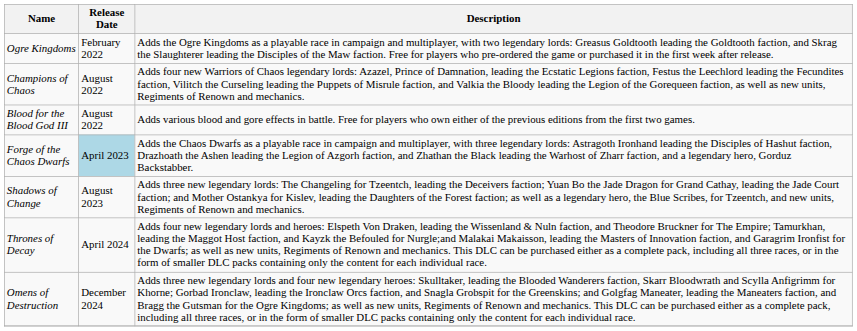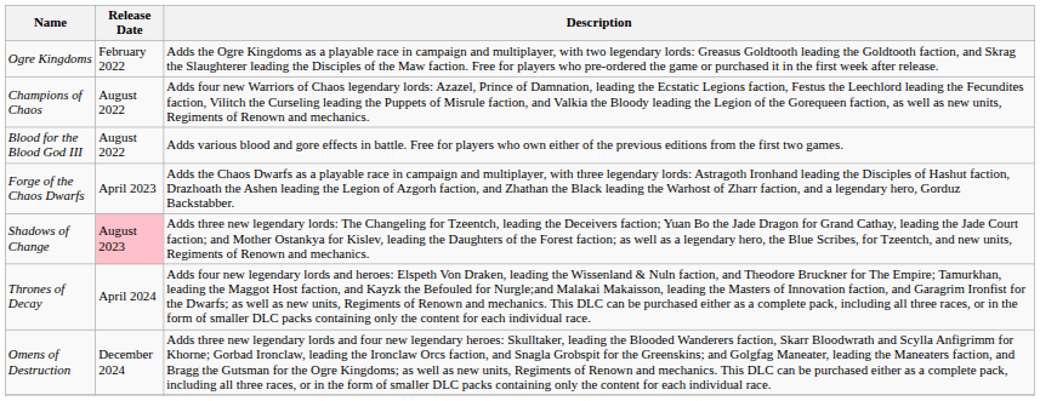 <table class="wikitable sortable">
 <tr>
 <th>Name</th>
 <th>Release Date</th>
 <th>Description</th>
 </tr>
 <tr>
 <td><em>Ogre Kingdoms</em></td>
 <td>February 2022</td>
 <td>Adds the Ogre Kingdoms as a playable race in campaign and multiplayer, with two legendary lords: Greasus Goldtooth leading the Goldtooth faction, and Skrag the Slaughterer leading the Disciples of the Maw faction. Free for players who pre-ordered the game or purchased it in the first week after release.</td>
 </tr>
 <tr>
 <td><em>Champions of Chaos</em></td>
 <td>August 2022</td>
 <td>Adds four new Warriors of Chaos legendary lords: Azazel, Prince of Damnation, leading the Ecstatic Legions faction, Festus the Leechlord leading the Fecundites faction, Vilitch the Curseling leading the Puppets of Misrule faction, and Valkia the Bloody leading the Legion of the Gorequeen faction, as well as new units, Regiments of Renown and mechanics.</td>
 </tr>
 <tr>
 <td><em>Blood for the Blood God III</em></td>
 <td>August 2022</td>
 <td>Adds various blood and gore effects in battle. Free for players who own either of the previous editions from the first two games.</td>
 </tr>
 <tr>
 <td><em>Forge of the Chaos Dwarfs</em></td>
-<td style="background: lightblue;">April 2023</td>
+<td>April 2023</td>
 <td>Adds the Chaos Dwarfs as a playable race in campaign and multiplayer, with three legendary lords: Astragoth Ironhand leading the Disciples of Hashut faction, Drazhoath the Ashen leading the Legion of Azgorh faction, and Zhathan the Black leading the Warhost of Zharr faction, and a legendary hero, Gorduz Backstabber.</td>
 </tr>
 <tr>
 <td><em>Shadows of Change</em></td>
-<td>August 2023</td>
+<td style="background: pink;">August 2023</td>
 <td>Adds three new legendary lords: The Changeling for Tzeentch, leading the Deceivers faction; Yuan Bo the Jade Dragon for Grand Cathay, leading the Jade Court faction; and Mother Ostankya for Kislev, leading the Daughters of the Forest faction; as well as a legendary hero, the Blue Scribes, for Tzeentch, and new units, Regiments of Renown and mechanics.</td>
 </tr>
 <tr>
 <td><em>Thrones of Decay</em></td>
 <td>April 2024</td>
 <td>Adds four new legendary lords and heroes: Elspeth Von Draken, leading the Wissenland & Nuln faction, and Theodore Bruckner for The Empire; Tamurkhan, leading the Maggot Host faction, and Kayzk the Befouled for Nurgle;and Malakai Makaisson, leading the Masters of Innovation faction, and Garagrim Ironfist for the Dwarfs; as well as new units, Regiments of Renown and mechanics. This DLC can be purchased either as a complete pack, including all three races, or in the form of smaller DLC packs containing only the content for each individual race.</td>
 </tr>
 <tr>
 <td><em>Omens of Destruction</em></td>
 <td>December 2024</td>
 <td>Adds three new legendary lords and four new legendary heroes: Skulltaker, leading the Blooded Wanderers faction, Skarr Bloodwrath and Scylla Anfigrimm for Khorne; Gorbad Ironclaw, leading the Ironclaw Orcs faction, and Snagla Grobspit for the Greenskins; and Golgfag Maneater, leading the Maneaters faction, and Bragg the Gutsman for the Ogre Kingdoms; as well as new units, Regiments of Renown and mechanics. This DLC can be purchased either as a complete pack, including all three races, or in the form of smaller DLC packs containing only the content for each individual race.</td>
 </tr>
 <tr>
 </tr>
 </table>
